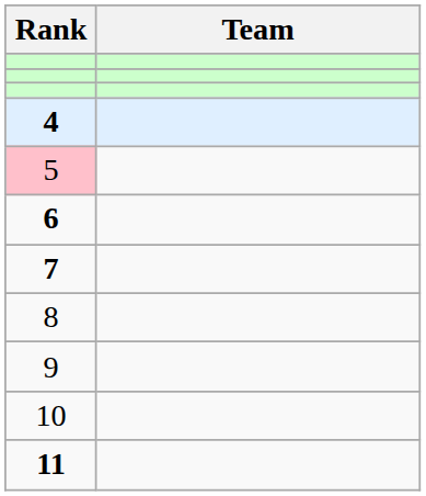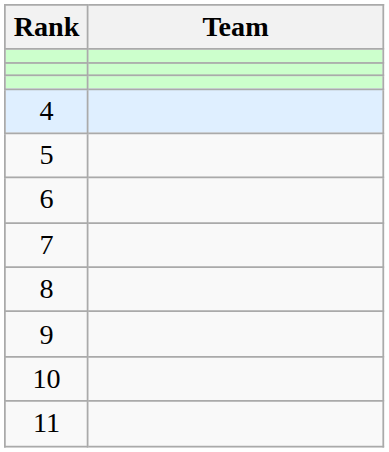 <table class="wikitable" style="text-align:center">
 <tr>
 <th width=40>Rank</th>
 <th width=160>Team</th>
 </tr>
 <tr bgcolor=#ccffcc>
 <td></td>
 <td style="text-align:left"></td>
 </tr>
 <tr bgcolor=#ccffcc>
 <td></td>
 <td style="text-align:left"></td>
 </tr>
 <tr bgcolor=#ccffcc>
 <td></td>
 <td style="text-align:left"></td>
 </tr>
 <tr bgcolor=#dfefff>
-<td><strong>4</strong></td>
+<td>4</td>
 <td style="text-align:left"></td>
 </tr>
 <tr>
-<td style="background: pink;">5</td>
+<td>5</td>
 <td style="text-align:left"></td>
 </tr>
 <tr>
-<td><strong>6</strong></td>
+<td>6</td>
 <td style="text-align:left"></td>
 </tr>
 <tr>
-<td><strong>7</strong></td>
+<td>7</td>
 <td style="text-align:left"></td>
 </tr>
 <tr>
 <td>8</td>
 <td style="text-align:left"></td>
 </tr>
 <tr>
 <td>9</td>
 <td style="text-align:left"></td>
 </tr>
 <tr>
 <td>10</td>
 <td style="text-align:left"></td>
 </tr>
 <tr>
-<td><strong>11</strong></td>
+<td>11</td>
 <td style="text-align:left"></td>
 </tr>
 </table>
